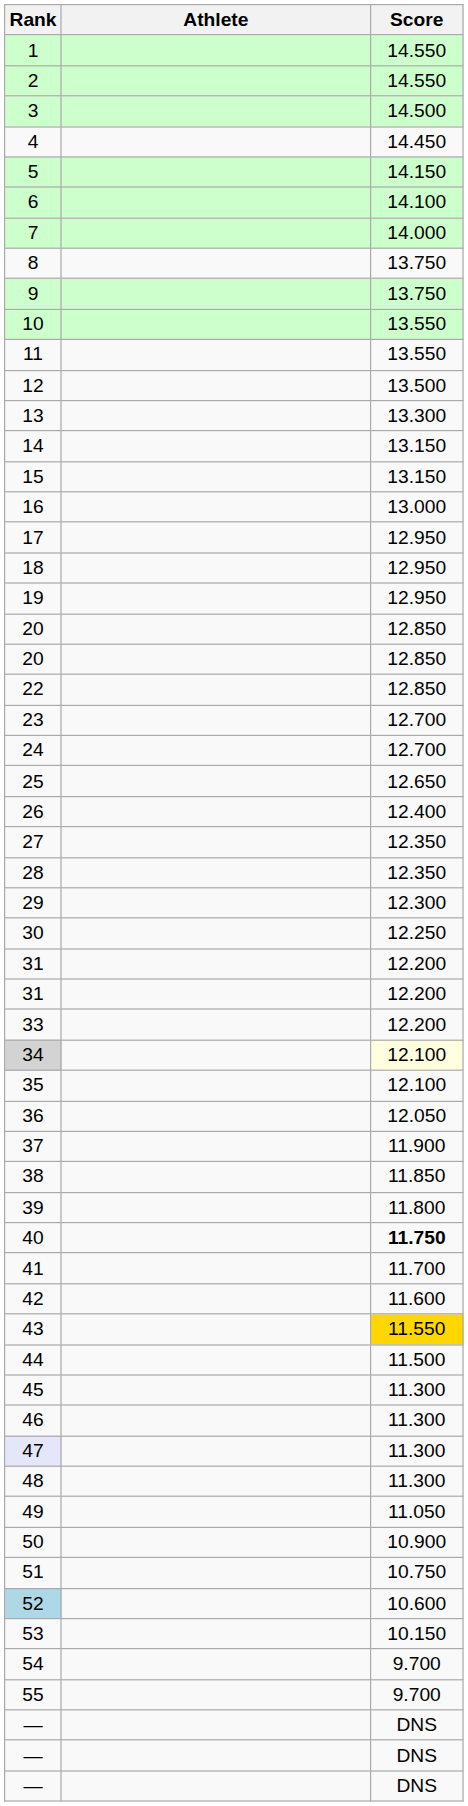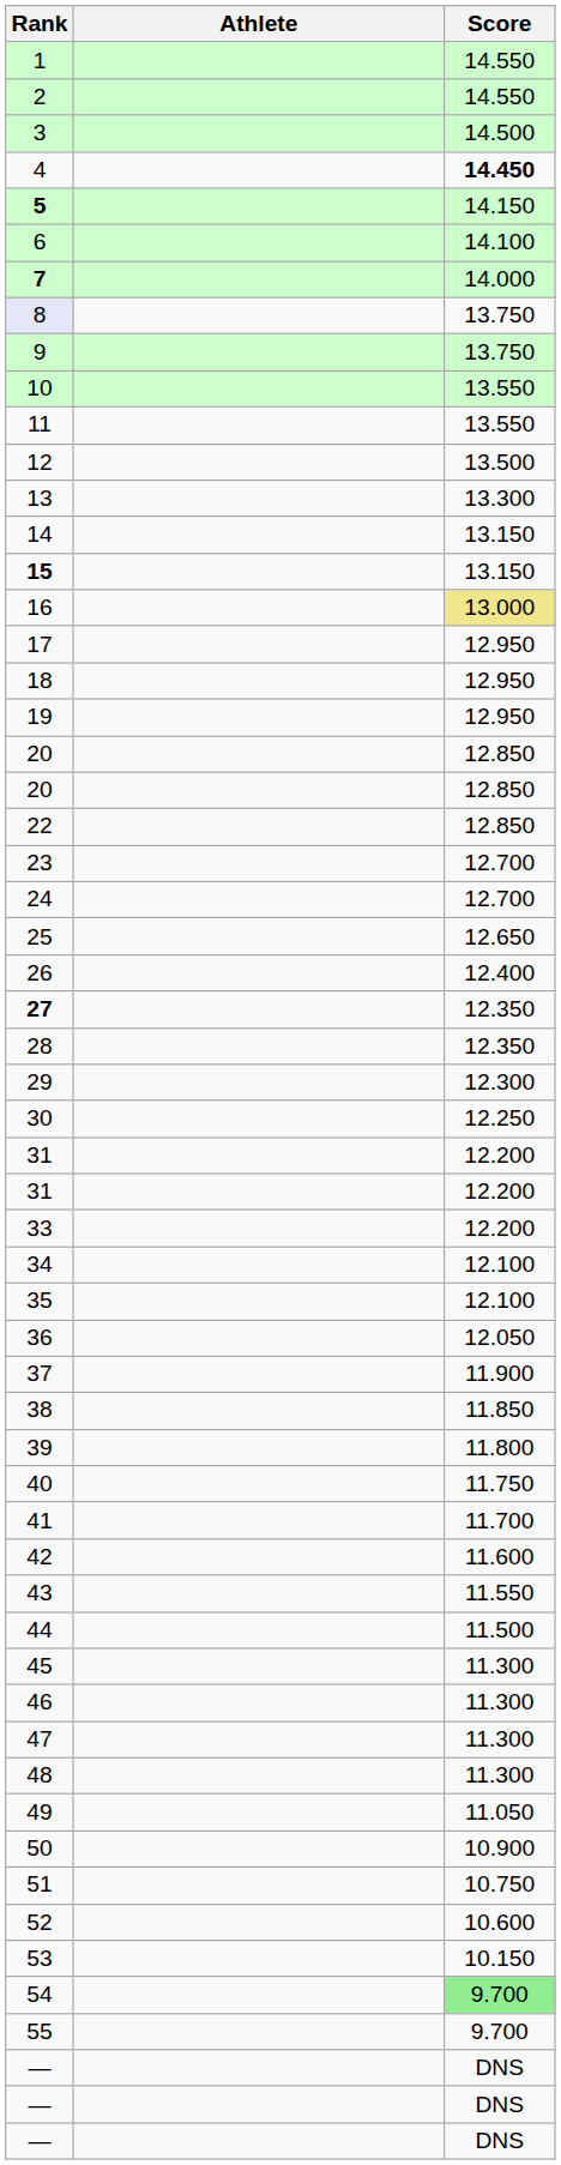 <table class=wikitable style="text-align:center">
 <tr>
 <th width=40>Rank</th>
 <th width=250>Athlete</th>
 <th width=70>Score</th>
 </tr>
 <tr bgcolor="ccffcc">
 <td>1</td>
 <td align=left></td>
 <td>14.550</td>
 </tr>
 <tr bgcolor="ccffcc">
 <td>2</td>
 <td align=left></td>
 <td>14.550</td>
 </tr>
 <tr bgcolor="ccffcc">
 <td>3</td>
 <td align=left></td>
 <td>14.500</td>
 </tr>
 <tr>
 <td>4</td>
 <td align=left></td>
-<td>14.450</td>
+<td><strong>14.450</strong></td>
 </tr>
 <tr bgcolor="ccffcc">
-<td>5</td>
+<td><strong>5</strong></td>
 <td align=left></td>
 <td>14.150</td>
 </tr>
 <tr bgcolor="ccffcc">
 <td>6</td>
 <td align=left></td>
 <td>14.100</td>
 </tr>
 <tr bgcolor="ccffcc">
-<td>7</td>
+<td><strong>7</strong></td>
 <td align=left></td>
 <td>14.000</td>
 </tr>
 <tr>
-<td>8</td>
+<td style="background: lavender;">8</td>
 <td align=left></td>
 <td>13.750</td>
 </tr>
 <tr bgcolor="ccffcc">
 <td>9</td>
 <td align=left></td>
 <td>13.750</td>
 </tr>
 <tr bgcolor="ccffcc">
 <td>10</td>
 <td align=left></td>
 <td>13.550</td>
 </tr>
 <tr>
 <td>11</td>
 <td align=left></td>
 <td>13.550</td>
 </tr>
 <tr>
 <td>12</td>
 <td align=left></td>
 <td>13.500</td>
 </tr>
 <tr>
 <td>13</td>
 <td align=left></td>
 <td>13.300</td>
 </tr>
 <tr>
 <td>14</td>
 <td align=left></td>
 <td>13.150</td>
 </tr>
 <tr>
-<td>15</td>
+<td><strong>15</strong></td>
 <td align=left></td>
 <td>13.150</td>
 </tr>
 <tr>
 <td>16</td>
 <td align=left></td>
-<td>13.000</td>
+<td style="background: khaki;">13.000</td>
 </tr>
 <tr>
 <td>17</td>
 <td align=left></td>
 <td>12.950</td>
 </tr>
 <tr>
 <td>18</td>
 <td align=left></td>
 <td>12.950</td>
 </tr>
 <tr>
 <td>19</td>
 <td align=left></td>
 <td>12.950</td>
 </tr>
 <tr>
 <td>20</td>
 <td align=left></td>
 <td>12.850</td>
 </tr>
 <tr>
 <td>20</td>
 <td align=left></td>
 <td>12.850</td>
 </tr>
 <tr>
 <td>22</td>
 <td align=left></td>
 <td>12.850</td>
 </tr>
 <tr>
 <td>23</td>
 <td align=left></td>
 <td>12.700</td>
 </tr>
 <tr>
 <td>24</td>
 <td align=left></td>
 <td>12.700</td>
 </tr>
 <tr>
 <td>25</td>
 <td align=left></td>
 <td>12.650</td>
 </tr>
 <tr>
 <td>26</td>
 <td align=left></td>
 <td>12.400</td>
 </tr>
 <tr>
-<td>27</td>
+<td><strong>27</strong></td>
 <td align=left></td>
 <td>12.350</td>
 </tr>
 <tr>
 <td>28</td>
 <td align=left></td>
 <td>12.350</td>
 </tr>
 <tr>
 <td>29</td>
 <td align=left></td>
 <td>12.300</td>
 </tr>
 <tr>
 <td>30</td>
 <td align=left></td>
 <td>12.250</td>
 </tr>
 <tr>
 <td>31</td>
 <td align=left></td>
 <td>12.200</td>
 </tr>
 <tr>
 <td>31</td>
 <td align=left></td>
 <td>12.200</td>
 </tr>
 <tr>
 <td>33</td>
 <td align=left></td>
 <td>12.200</td>
 </tr>
 <tr>
-<td style="background: lightgrey;">34</td>
+<td>34</td>
 <td align=left></td>
-<td style="background: lightyellow;">12.100</td>
+<td>12.100</td>
 </tr>
 <tr>
 <td>35</td>
 <td align=left></td>
 <td>12.100</td>
 </tr>
 <tr>
 <td>36</td>
 <td align=left></td>
 <td>12.050</td>
 </tr>
 <tr>
 <td>37</td>
 <td align=left></td>
 <td>11.900</td>
 </tr>
 <tr>
 <td>38</td>
 <td align=left></td>
 <td>11.850</td>
 </tr>
 <tr>
 <td>39</td>
 <td align=left></td>
 <td>11.800</td>
 </tr>
 <tr>
 <td>40</td>
 <td align=left></td>
-<td><strong>11.750</strong></td>
+<td>11.750</td>
 </tr>
 <tr>
 <td>41</td>
 <td align=left></td>
 <td>11.700</td>
 </tr>
 <tr>
 <td>42</td>
 <td align=left></td>
 <td>11.600</td>
 </tr>
 <tr>
 <td>43</td>
 <td align=left></td>
-<td style="background: gold;">11.550</td>
+<td>11.550</td>
 </tr>
 <tr>
 <td>44</td>
 <td align=left></td>
 <td>11.500</td>
 </tr>
 <tr>
 <td>45</td>
 <td align=left></td>
 <td>11.300</td>
 </tr>
 <tr>
 <td>46</td>
 <td align=left></td>
 <td>11.300</td>
 </tr>
 <tr>
-<td style="background: lavender;">47</td>
+<td>47</td>
 <td align=left></td>
 <td>11.300</td>
 </tr>
 <tr>
 <td>48</td>
 <td align=left></td>
 <td>11.300</td>
 </tr>
 <tr>
 <td>49</td>
 <td align=left></td>
 <td>11.050</td>
 </tr>
 <tr>
 <td>50</td>
 <td align=left></td>
 <td>10.900</td>
 </tr>
 <tr>
 <td>51</td>
 <td align=left></td>
 <td>10.750</td>
 </tr>
 <tr>
-<td style="background: lightblue;">52</td>
+<td>52</td>
 <td align=left></td>
 <td>10.600</td>
 </tr>
 <tr>
 <td>53</td>
 <td align=left></td>
 <td>10.150</td>
 </tr>
 <tr>
 <td>54</td>
 <td align=left></td>
-<td>9.700</td>
+<td style="background: lightgreen;">9.700</td>
 </tr>
 <tr>
 <td>55</td>
 <td align=left></td>
 <td>9.700</td>
 </tr>
 <tr>
 <td>—</td>
 <td align=left></td>
 <td>DNS</td>
 </tr>
 <tr>
 <td>—</td>
 <td align=left></td>
 <td>DNS</td>
 </tr>
 <tr>
 <td>—</td>
 <td align=left></td>
 <td>DNS</td>
 </tr>
 </table>
